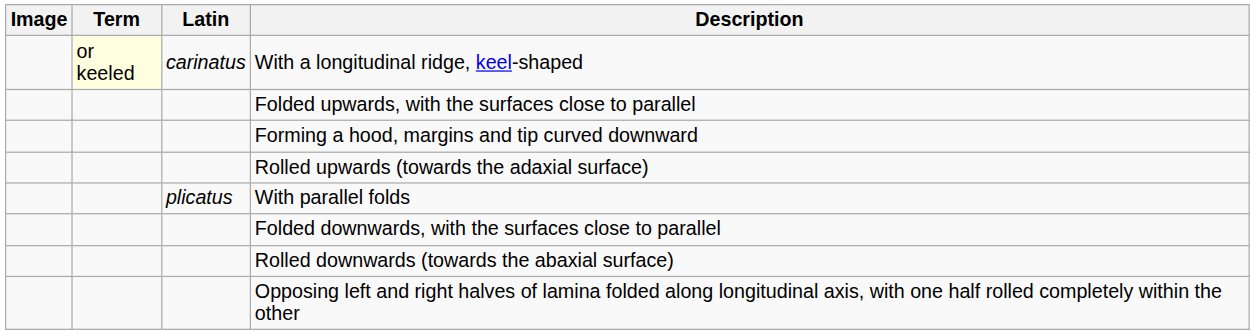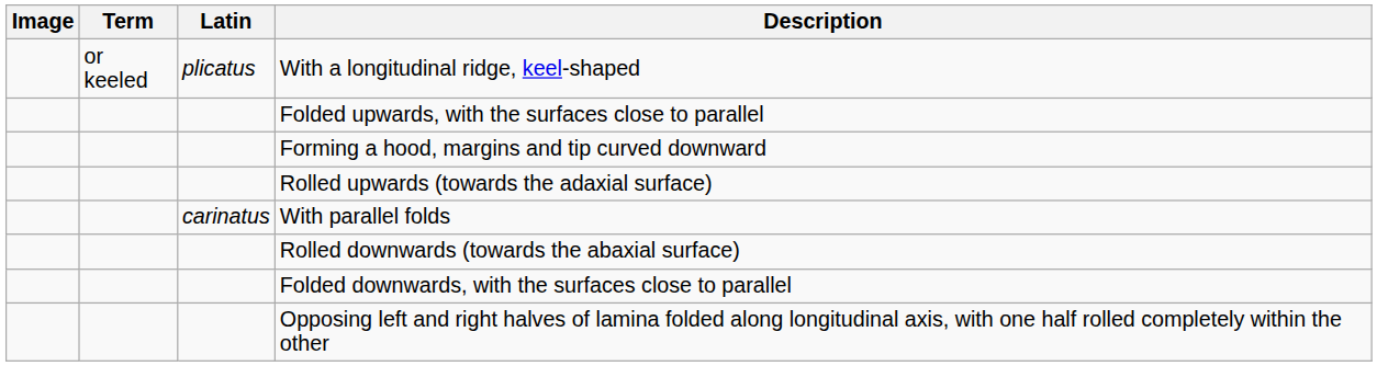 <table class="wikitable sortable mw-collapsible" style="margin:auto; width:80%">
 <tr>
 <th scope="col" class="unsortable">Image</th>
 <th scope="col">Term</th>
 <th scope="col">Latin</th>
 <th scope="col">Description</th>
 </tr>
 <tr>
 <td></td>
-<td style="background: lightyellow;"> or keeled</td>
-<td><em>carinatus</em></td>
+<td> or keeled</td>
+<td><em>plicatus</em></td>
 <td>With a longitudinal ridge, <a href='#'>keel</a>-shaped</td>
 </tr>
 <tr>
 <td></td>
 <td></td>
 <td></td>
 <td>Folded upwards, with the surfaces close to parallel</td>
 </tr>
 <tr>
 <td></td>
 <td></td>
 <td></td>
 <td>Forming a hood, margins and tip curved downward</td>
 </tr>
 <tr>
 <td></td>
 <td></td>
 <td></td>
 <td>Rolled upwards (towards the adaxial surface)</td>
 </tr>
 <tr>
 <td></td>
 <td></td>
-<td><em>plicatus</em></td>
+<td><em>carinatus</em></td>
 <td>With parallel folds</td>
+</tr>
+<tr>
+<td></td>
+<td></td>
+<td></td>
+<td>Rolled downwards (towards the abaxial surface)</td>
 </tr>
 <tr>
 <td></td>
 <td></td>
 <td></td>
 <td>Folded downwards, with the surfaces close to parallel</td>
 </tr>
 <tr>
 <td></td>
 <td></td>
 <td></td>
-<td>Rolled downwards (towards the abaxial surface)</td>
-</tr>
-<tr>
-<td></td>
-<td></td>
-<td></td>
 <td>Opposing left and right halves of lamina folded along longitudinal axis, with one half rolled completely within the other</td>
 </tr>
 </table>
